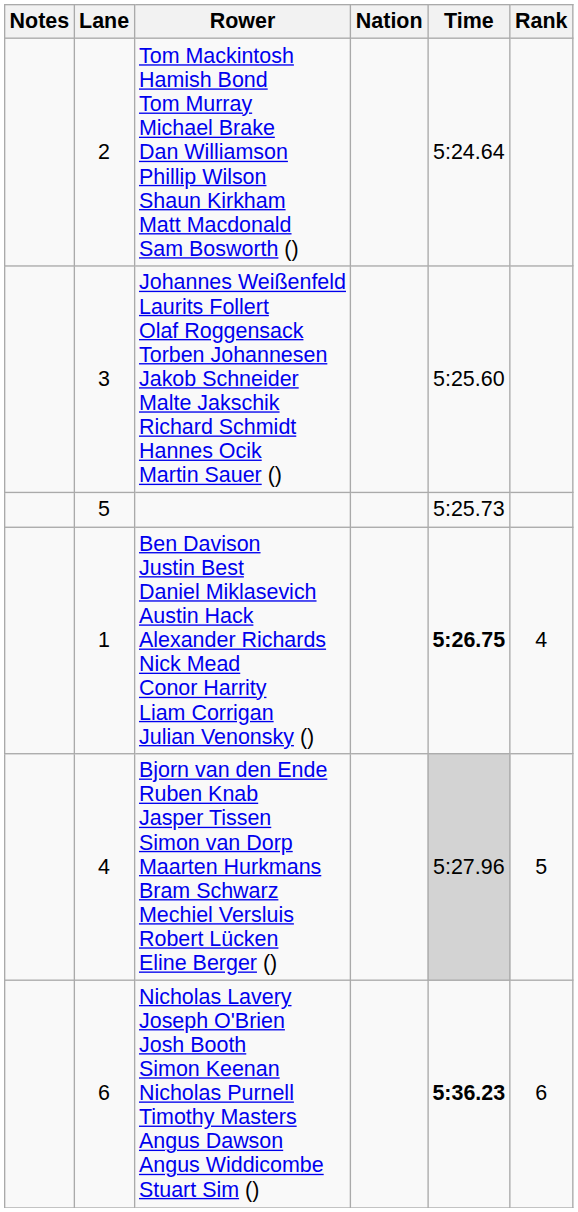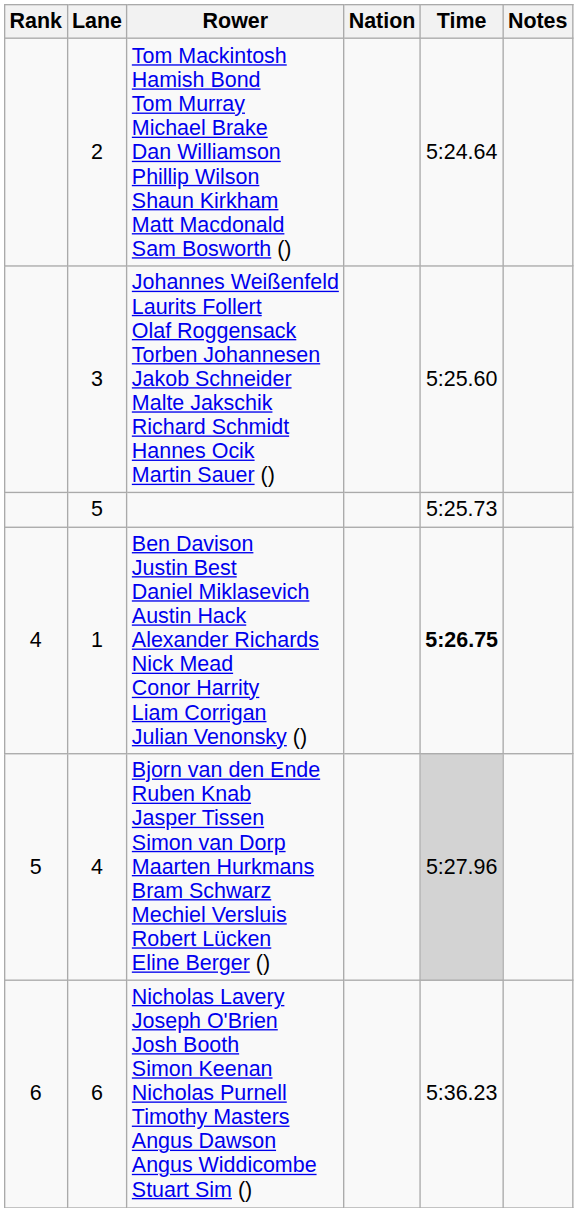 <table class="wikitable sortable" style="text-align:center">
 <tr>
-<th>Notes</th>
+<th>Rank</th>
 <th>Lane</th>
 <th>Rower</th>
 <th>Nation</th>
 <th>Time</th>
-<th>Rank</th>
+<th>Notes</th>
 </tr>
 <tr>
-<td align="center"></td>
+<td></td>
 <td>2</td>
 <td align="left"><a href='#'>Tom Mackintosh</a><br><a href='#'>Hamish Bond</a><br><a href='#'>Tom Murray</a><br><a href='#'>Michael Brake</a><br><a href='#'>Dan Williamson</a><br><a href='#'>Phillip Wilson</a><br><a href='#'>Shaun Kirkham</a><br><a href='#'>Matt Macdonald</a><br><a href='#'>Sam Bosworth</a> ()</td>
 <td align="left"></td>
 <td>5:24.64</td>
-<td></td>
+<td align="center"></td>
 </tr>
 <tr>
-<td align="center"></td>
+<td></td>
 <td>3</td>
 <td align="left"><a href='#'>Johannes Weißenfeld</a><br><a href='#'>Laurits Follert</a><br><a href='#'>Olaf Roggensack</a><br><a href='#'>Torben Johannesen</a><br><a href='#'>Jakob Schneider</a><br><a href='#'>Malte Jakschik</a><br><a href='#'>Richard Schmidt</a><br><a href='#'>Hannes Ocik</a><br><a href='#'>Martin Sauer</a>  ()</td>
 <td align="left"></td>
 <td>5:25.60</td>
-<td></td>
+<td align="center"></td>
 </tr>
 <tr>
-<td align="center"></td>
+<td></td>
 <td>5</td>
 <td align="left"></td>
 <td align="left"></td>
 <td>5:25.73</td>
-<td></td>
+<td align="center"></td>
 </tr>
 <tr>
-<td align="center"></td>
+<td>4</td>
 <td>1</td>
 <td align="left"><a href='#'>Ben Davison</a><br><a href='#'>Justin Best</a><br><a href='#'>Daniel Miklasevich</a><br><a href='#'>Austin Hack</a><br><a href='#'>Alexander Richards</a><br><a href='#'>Nick Mead</a><br><a href='#'>Conor Harrity</a><br><a href='#'>Liam Corrigan</a><br><a href='#'>Julian Venonsky</a> ()</td>
 <td align="left"></td>
 <td><strong>5:26.75</strong></td>
-<td>4</td>
+<td align="center"></td>
 </tr>
 <tr>
-<td align="center"></td>
+<td>5</td>
 <td>4</td>
 <td align="left"><a href='#'>Bjorn van den Ende</a><br><a href='#'>Ruben Knab</a><br><a href='#'>Jasper Tissen</a><br><a href='#'>Simon van Dorp</a><br><a href='#'>Maarten Hurkmans</a><br><a href='#'>Bram Schwarz</a><br><a href='#'>Mechiel Versluis</a><br><a href='#'>Robert Lücken</a><br><a href='#'>Eline Berger</a> ()</td>
 <td align="left"></td>
 <td style="background: lightgrey;">5:27.96</td>
-<td>5</td>
+<td align="center"></td>
 </tr>
 <tr>
-<td align="center"></td>
+<td>6</td>
 <td>6</td>
 <td align="left"><a href='#'>Nicholas Lavery</a><br><a href='#'>Joseph O'Brien</a><br><a href='#'>Josh Booth</a><br><a href='#'>Simon Keenan</a><br><a href='#'>Nicholas Purnell</a><br><a href='#'>Timothy Masters</a><br><a href='#'>Angus Dawson</a><br><a href='#'>Angus Widdicombe</a><br><a href='#'>Stuart Sim</a> ()</td>
 <td align="left"></td>
-<td><strong>5:36.23</strong></td>
-<td>6</td>
+<td>5:36.23</td>
+<td align="center"></td>
 </tr>
 </table>
